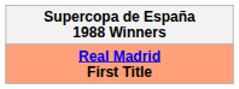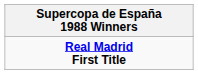 <table class="wikitable" style="text-align: center; margin: 0 auto; width: 20%">
 <tr>
 <th>Supercopa de España <br>1988 Winners</th>
 </tr>
 <tr>
-<td style="background: lightsalmon;"><strong><a href='#'>Real Madrid</a></strong><br><strong>First Title</strong></td>
+<td><strong><a href='#'>Real Madrid</a></strong><br><strong>First Title</strong></td>
 </tr>
 </table>
